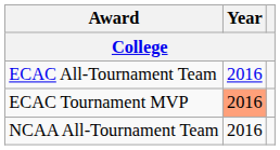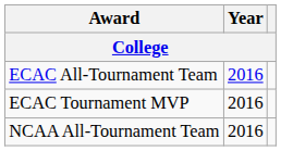 <table class="wikitable">
 <tr>
 <th>Award</th>
 <th>Year</th>
 <th></th>
 </tr>
 <tr>
 <th colspan="3"><a href='#'>College</a></th>
 </tr>
 <tr>
 <td><a href='#'>ECAC</a> All-Tournament Team</td>
 <td><a href='#'>2016</a></td>
 <td></td>
 </tr>
 <tr>
 <td>ECAC Tournament MVP</td>
-<td style="background: lightsalmon;">2016</td>
+<td>2016</td>
 <td></td>
 </tr>
 <tr>
 <td>NCAA All-Tournament Team</td>
 <td>2016</td>
 <td></td>
 </tr>
 </table>
